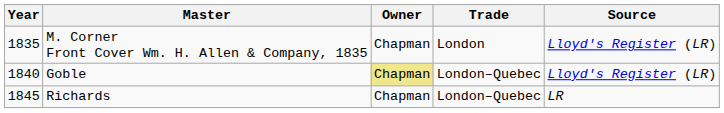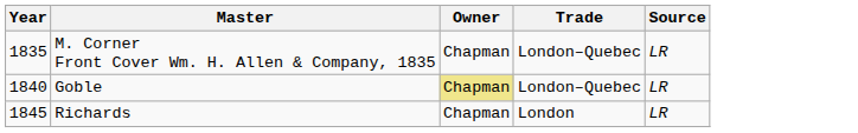 <table class="sortable wikitable">
 <tr>
 <th>Year</th>
 <th>Master</th>
 <th>Owner</th>
 <th>Trade</th>
 <th>Source</th>
 </tr>
 <tr>
 <td>1835</td>
 <td>M. Corner<br>Front Cover Wm. H. Allen & Company, 1835</td>
 <td>Chapman</td>
-<td>London</td>
-<td><em><a href='#'>Lloyd's Register</a></em> (<em>LR</em>)</td>
+<td>London–Quebec</td>
+<td><em>LR</em></td>
 </tr>
 <tr>
 <td>1840</td>
 <td>Goble</td>
 <td style="background: khaki;">Chapman</td>
 <td>London–Quebec</td>
-<td><em><a href='#'>Lloyd's Register</a></em> (<em>LR</em>)</td>
+<td><em>LR</em></td>
 </tr>
 <tr>
 <td>1845</td>
 <td>Richards</td>
 <td>Chapman</td>
-<td>London–Quebec</td>
+<td>London</td>
 <td><em>LR</em></td>
 </tr>
 <tr>
 </tr>
 </table>
